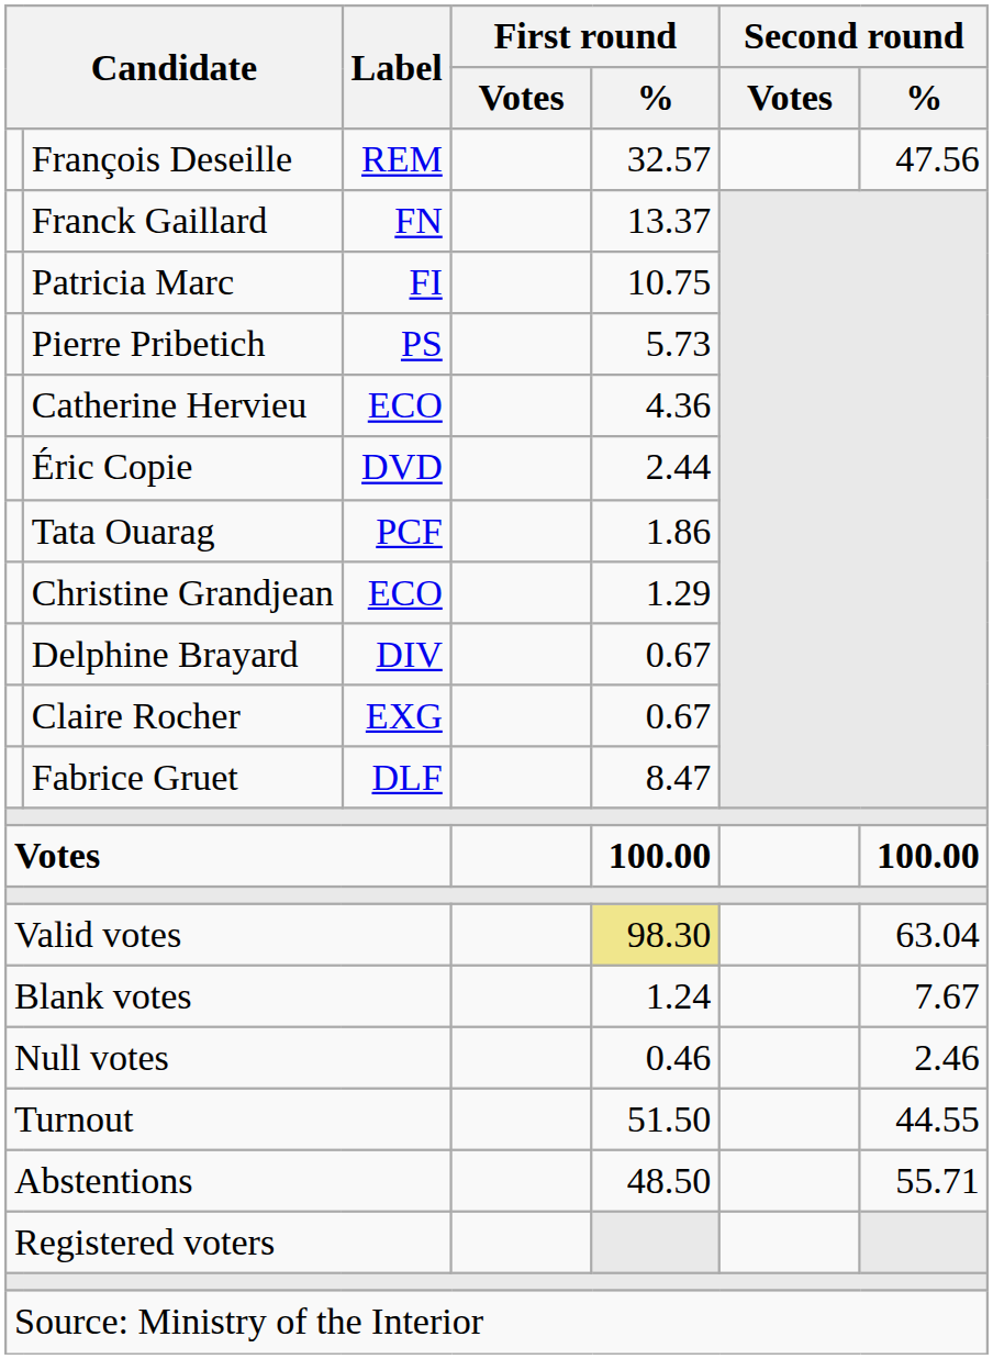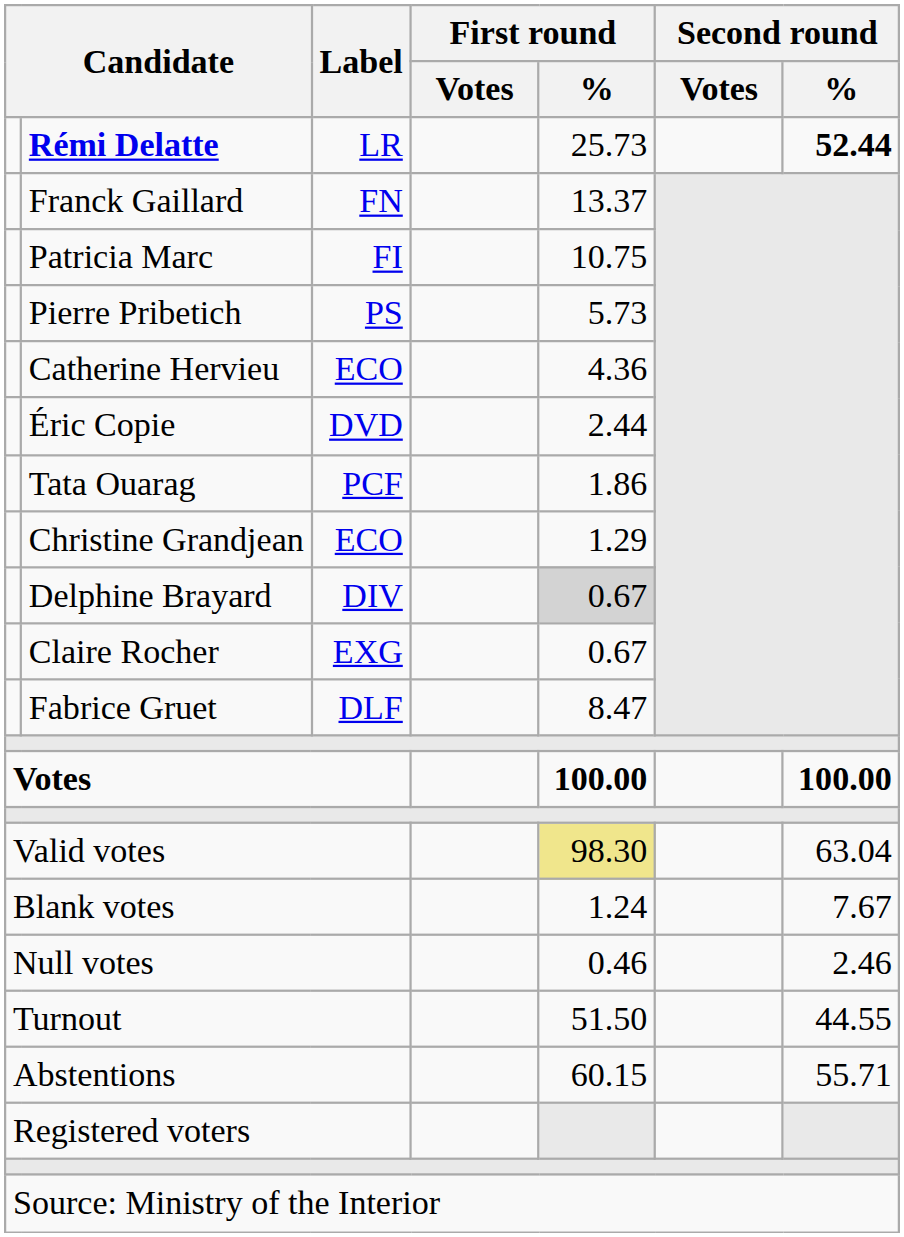 <table class="wikitable" style="text-align:right;font-size:95%;">
 <tr>
 <th rowspan="2" colspan="2">Candidate</th>
 <th rowspan="2">Label</th>
 <th colspan="2">First round</th>
 <th colspan="2">Second round</th>
 </tr>
 <tr>
 <th style="width:50px;">Votes</th>
 <th style="width:45px;">%</th>
 <th style="width:50px;">Votes</th>
 <th style="width:45px;">%</th>
 </tr>
 <tr>
 <td style="color:inherit;background:"></td>
-<td style="text-align:left;">François Deseille</td>
-<td><a href='#'>REM</a></td>
+<td style="text-align:left;"><strong><a href='#'>Rémi Delatte</a></strong></td>
+<td><a href='#'>LR</a></td>
 <td></td>
-<td>32.57</td>
-<td></td>
-<td>47.56</td>
+<td>25.73</td>
+<td><strong></strong></td>
+<td><strong>52.44</strong></td>
 </tr>
 <tr>
 <td style="color:inherit;background:"></td>
 <td style="text-align:left;">Franck Gaillard</td>
 <td><a href='#'>FN</a></td>
 <td></td>
 <td>13.37</td>
 <td colspan="2" rowspan="10" style="background:#E9E9E9;"></td>
 </tr>
 <tr>
 <td style="color:inherit;background:"></td>
 <td style="text-align:left;">Patricia Marc</td>
 <td><a href='#'>FI</a></td>
 <td></td>
 <td>10.75</td>
 </tr>
 <tr>
 <td style="color:inherit;background:"></td>
 <td style="text-align:left;">Pierre Pribetich</td>
 <td><a href='#'>PS</a></td>
 <td></td>
 <td>5.73</td>
 </tr>
 <tr>
 <td style="color:inherit;background:"></td>
 <td style="text-align:left;">Catherine Hervieu</td>
 <td><a href='#'>ECO</a></td>
 <td></td>
 <td>4.36</td>
 </tr>
 <tr>
 <td style="color:inherit;background:"></td>
 <td style="text-align:left;">Éric Copie</td>
 <td><a href='#'>DVD</a></td>
 <td></td>
 <td>2.44</td>
 </tr>
 <tr>
 <td style="color:inherit;background:"></td>
 <td style="text-align:left;">Tata Ouarag</td>
 <td><a href='#'>PCF</a></td>
 <td></td>
 <td>1.86</td>
 </tr>
 <tr>
 <td style="color:inherit;background:"></td>
 <td style="text-align:left;">Christine Grandjean</td>
 <td><a href='#'>ECO</a></td>
 <td></td>
 <td>1.29</td>
 </tr>
 <tr>
 <td style="color:inherit;background:"></td>
 <td style="text-align:left;">Delphine Brayard</td>
 <td><a href='#'>DIV</a></td>
 <td></td>
-<td>0.67</td>
+<td style="background: lightgrey;">0.67</td>
 </tr>
 <tr>
 <td style="color:inherit;background:"></td>
 <td style="text-align:left;">Claire Rocher</td>
 <td><a href='#'>EXG</a></td>
 <td></td>
 <td>0.67</td>
 </tr>
 <tr>
 <td style="color:inherit;background:"></td>
 <td style="text-align:left;">Fabrice Gruet</td>
 <td><a href='#'>DLF</a></td>
 <td></td>
 <td>8.47</td>
 </tr>
 <tr>
 <td colspan="7" style="background:#E9E9E9;"></td>
 </tr>
 <tr style="font-weight:bold;">
 <td colspan="3" style="text-align:left;">Votes</td>
 <td></td>
 <td>100.00</td>
 <td></td>
 <td>100.00</td>
 </tr>
 <tr>
 <td colspan="7" style="background:#E9E9E9;"></td>
 </tr>
 <tr>
 <td colspan="3" style="text-align:left;">Valid votes</td>
 <td></td>
 <td style="background: khaki;">98.30</td>
 <td></td>
 <td>63.04</td>
 </tr>
 <tr>
 <td colspan="3" style="text-align:left;">Blank votes</td>
 <td></td>
 <td>1.24</td>
 <td></td>
 <td>7.67</td>
 </tr>
 <tr>
 <td colspan="3" style="text-align:left;">Null votes</td>
 <td></td>
 <td>0.46</td>
 <td></td>
 <td>2.46</td>
 </tr>
 <tr>
 <td colspan="3" style="text-align:left;">Turnout</td>
 <td></td>
 <td>51.50</td>
 <td></td>
 <td>44.55</td>
 </tr>
 <tr>
 <td colspan="3" style="text-align:left;">Abstentions</td>
 <td></td>
-<td>48.50</td>
+<td>60.15</td>
 <td></td>
 <td>55.71</td>
 </tr>
 <tr>
 <td colspan="3" style="text-align:left;">Registered voters</td>
 <td></td>
 <td style="color:inherit;background:#E9E9E9;"></td>
 <td></td>
 <td style="color:inherit;background:#E9E9E9;"></td>
 </tr>
 <tr>
 <td colspan="7" style="background:#E9E9E9;"></td>
 </tr>
 <tr>
 <td colspan="7" style="text-align:left;">Source: Ministry of the Interior</td>
 </tr>
 </table>
